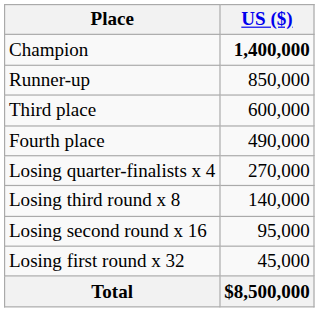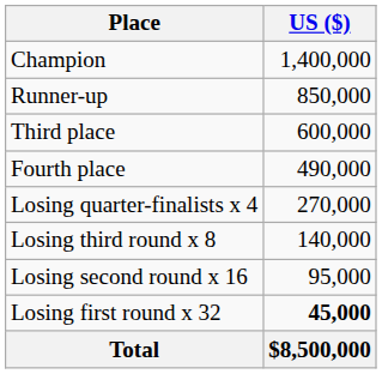 <table class="wikitable">
 <tr>
 <th>Place</th>
 <th><a href='#'>US ($)</a></th>
 </tr>
 <tr>
 <td>Champion</td>
-<td align=right><strong>1,400,000</strong></td>
+<td align=right>1,400,000</td>
 </tr>
 <tr>
 <td>Runner-up</td>
 <td align=right>850,000</td>
 </tr>
 <tr>
 <td>Third place</td>
 <td align=right>600,000</td>
 </tr>
 <tr>
 <td>Fourth place</td>
 <td align=right>490,000</td>
 </tr>
 <tr>
 <td>Losing quarter-finalists x 4</td>
 <td align=right>270,000</td>
 </tr>
 <tr>
 <td>Losing third round x 8</td>
 <td align=right>140,000</td>
 </tr>
 <tr>
 <td>Losing second round x 16</td>
 <td align=right>95,000</td>
 </tr>
 <tr>
 <td>Losing first round x 32</td>
-<td align=right>45,000</td>
+<td align=right><strong>45,000</strong></td>
 </tr>
 <tr>
 <th>Total</th>
 <th>$8,500,000</th>
 </tr>
 </table>
